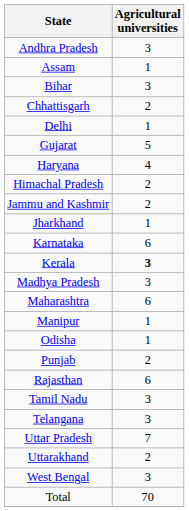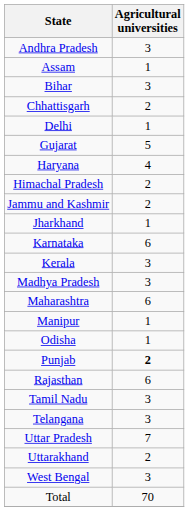 <table class="wikitable sortable collapsable plainrowheaders" border="1" style="text-align:center;">
 <tr>
 <th scope="col">State</th>
 <th scope="col">Agricultural  <br> universities</th>
 </tr>
 <tr>
 <td><a href='#'>Andhra Pradesh</a></td>
 <td>3</td>
 </tr>
 <tr>
 <td><a href='#'>Assam</a></td>
 <td>1</td>
 </tr>
 <tr>
 <td><a href='#'>Bihar</a></td>
 <td>3</td>
 </tr>
 <tr>
 <td><a href='#'>Chhattisgarh</a></td>
 <td>2</td>
 </tr>
 <tr>
 <td><a href='#'>Delhi</a></td>
 <td>1</td>
 </tr>
 <tr>
 <td><a href='#'>Gujarat</a></td>
 <td>5</td>
 </tr>
 <tr>
 <td><a href='#'>Haryana</a></td>
 <td>4</td>
 </tr>
 <tr>
 <td><a href='#'>Himachal Pradesh</a></td>
 <td>2</td>
 </tr>
 <tr>
 <td><a href='#'>Jammu and Kashmir</a></td>
 <td>2</td>
 </tr>
 <tr>
 <td><a href='#'>Jharkhand</a></td>
 <td>1</td>
 </tr>
 <tr>
 <td><a href='#'>Karnataka</a></td>
 <td>6</td>
 </tr>
 <tr>
 <td><a href='#'>Kerala</a></td>
-<td><strong>3</strong></td>
+<td>3</td>
 </tr>
 <tr>
 <td><a href='#'>Madhya Pradesh</a></td>
 <td>3</td>
 </tr>
 <tr>
 <td><a href='#'>Maharashtra</a></td>
 <td>6</td>
 </tr>
 <tr>
 <td><a href='#'>Manipur</a></td>
 <td>1</td>
 </tr>
 <tr>
 <td><a href='#'>Odisha</a></td>
 <td>1</td>
 </tr>
 <tr>
 <td><a href='#'>Punjab</a></td>
-<td>2</td>
+<td><strong>2</strong></td>
 </tr>
 <tr>
 <td><a href='#'>Rajasthan</a></td>
 <td>6</td>
 </tr>
 <tr>
 <td><a href='#'>Tamil Nadu</a></td>
 <td>3</td>
 </tr>
 <tr>
 <td><a href='#'>Telangana</a></td>
 <td>3</td>
 </tr>
 <tr>
 <td><a href='#'>Uttar Pradesh</a></td>
 <td>7</td>
 </tr>
 <tr>
 <td><a href='#'>Uttarakhand</a></td>
 <td>2</td>
 </tr>
 <tr>
 <td><a href='#'>West Bengal</a></td>
 <td>3</td>
 </tr>
 <tr class="sortbottom">
 <td>Total</td>
 <td style="text-align:center">70</td>
 </tr>
 <tr>
 </tr>
 </table>
